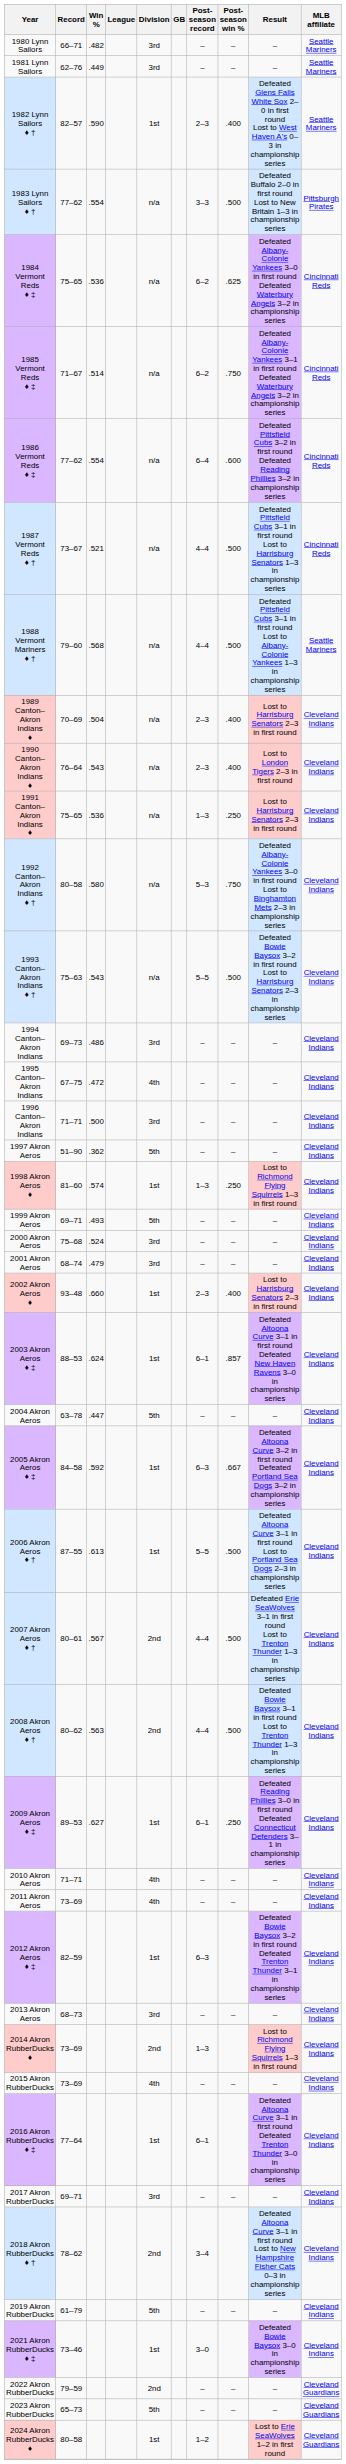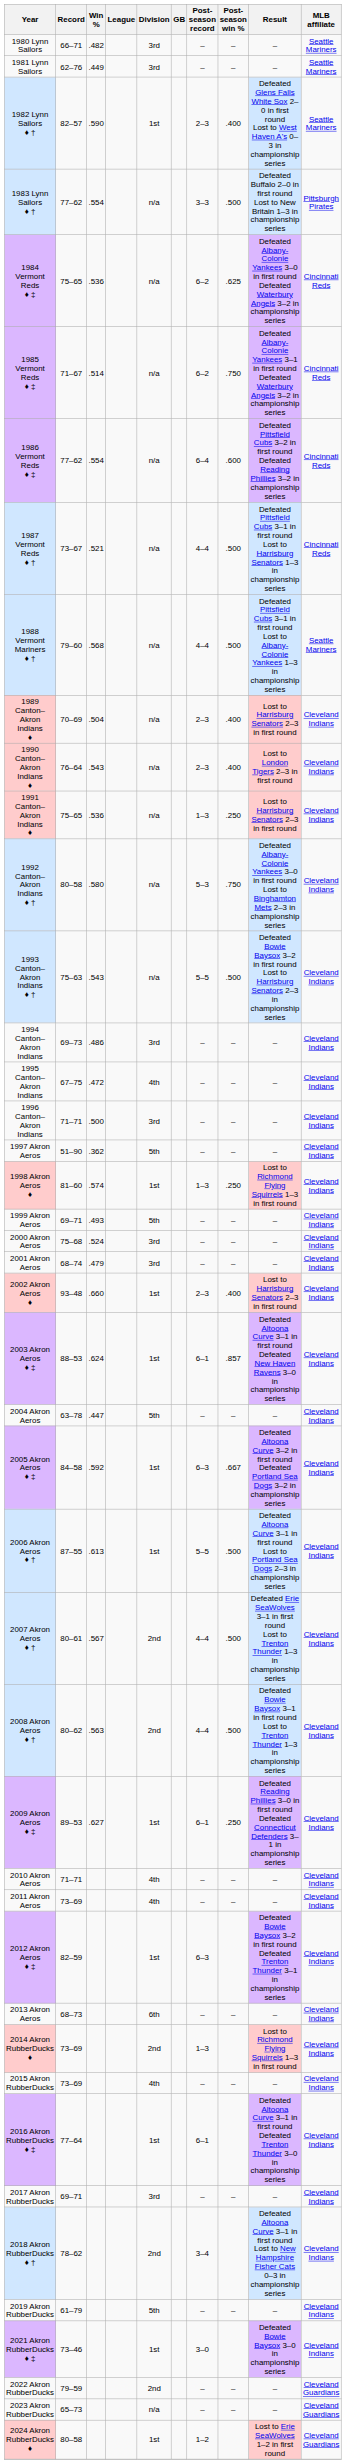 <table class="wikitable sortable" style="font-size: 95%; text-align:center;">
 <tr bgcolor="#efefef">
 <th>Year</th>
 <th>Record</th>
 <th>Win %</th>
 <th>League</th>
 <th>Division</th>
 <th>GB</th>
 <th>Post-season record</th>
 <th>Post-season win %</th>
 <th class="unsortable">Result</th>
 <th class="unsortable">MLB affiliate</th>
 </tr>
 <tr>
 <td>1980 Lynn Sailors</td>
 <td>66–71</td>
 <td>.482</td>
 <td></td>
 <td>3rd</td>
 <td></td>
 <td>–</td>
 <td>–</td>
 <td>–</td>
 <td><a href='#'>Seattle Mariners</a></td>
 </tr>
 <tr>
 <td>1981 Lynn Sailors</td>
 <td>62–76</td>
 <td>.449</td>
 <td></td>
 <td>3rd</td>
 <td></td>
 <td>–</td>
 <td>–</td>
 <td>–</td>
 <td><a href='#'>Seattle Mariners</a></td>
 </tr>
 <tr>
 <td bgcolor="#D0E7FF">1982 Lynn Sailors<br>♦ †</td>
 <td>82–57</td>
 <td>.590</td>
 <td></td>
 <td>1st</td>
 <td></td>
 <td>2–3</td>
 <td>.400</td>
 <td bgcolor="#D0E7FF">Defeated <a href='#'>Glens Falls White Sox</a> 2–0 in first round<br>Lost to <a href='#'>West Haven A's</a> 0–3 in championship series</td>
 <td><a href='#'>Seattle Mariners</a></td>
 </tr>
 <tr>
 <td bgcolor="#D0E7FF">1983 Lynn Sailors<br>♦ †</td>
 <td>77–62</td>
 <td>.554</td>
 <td></td>
 <td>n/a</td>
 <td></td>
 <td>3–3</td>
 <td>.500</td>
 <td bgcolor="#D0E7FF">Defeated Buffalo 2–0 in first round<br>Lost to New Britain 1–3 in championship series</td>
 <td><a href='#'>Pittsburgh Pirates</a></td>
 </tr>
 <tr>
 <td bgcolor="#DBB7FF">1984 Vermont Reds<br>♦ ‡</td>
 <td>75–65</td>
 <td>.536</td>
 <td></td>
 <td>n/a</td>
 <td></td>
 <td>6–2</td>
 <td>.625</td>
 <td bgcolor="#DBB7FF">Defeated <a href='#'>Albany-Colonie Yankees</a> 3–0 in first round<br>Defeated <a href='#'>Waterbury Angels</a> 3–2 in championship series</td>
 <td><a href='#'>Cincinnati Reds</a></td>
 </tr>
 <tr>
 <td bgcolor="#DBB7FF">1985 Vermont Reds<br>♦ ‡</td>
 <td>71–67</td>
 <td>.514</td>
 <td></td>
 <td>n/a</td>
 <td></td>
 <td>6–2</td>
 <td>.750</td>
 <td bgcolor="#DBB7FF">Defeated <a href='#'>Albany-Colonie Yankees</a> 3–1 in first round<br>Defeated <a href='#'>Waterbury Angels</a> 3–2 in championship series</td>
 <td><a href='#'>Cincinnati Reds</a></td>
 </tr>
 <tr>
 <td bgcolor="#DBB7FF">1986 Vermont Reds<br>♦ ‡</td>
 <td>77–62</td>
 <td>.554</td>
 <td></td>
 <td>n/a</td>
 <td></td>
 <td>6–4</td>
 <td>.600</td>
 <td bgcolor="#DBB7FF">Defeated <a href='#'>Pittsfield Cubs</a> 3–2 in first round<br>Defeated <a href='#'>Reading Phillies</a> 3–2 in championship series</td>
 <td><a href='#'>Cincinnati Reds</a></td>
 </tr>
 <tr>
 <td bgcolor="#D0E7FF">1987 Vermont Reds<br>♦ †</td>
 <td>73–67</td>
 <td>.521</td>
 <td></td>
 <td>n/a</td>
 <td></td>
 <td>4–4</td>
 <td>.500</td>
 <td bgcolor="#D0E7FF">Defeated <a href='#'>Pittsfield Cubs</a> 3–1 in first round<br>Lost to <a href='#'>Harrisburg Senators</a> 1–3 in championship series</td>
 <td><a href='#'>Cincinnati Reds</a></td>
 </tr>
 <tr>
 <td bgcolor="#D0E7FF">1988 Vermont Mariners<br>♦ †</td>
 <td>79–60</td>
 <td>.568</td>
 <td></td>
 <td>n/a</td>
 <td></td>
 <td>4–4</td>
 <td>.500</td>
 <td bgcolor="#D0E7FF">Defeated <a href='#'>Pittsfield Cubs</a> 3–1 in first round<br>Lost to <a href='#'>Albany-Colonie Yankees</a> 1–3 in championship series</td>
 <td><a href='#'>Seattle Mariners</a></td>
 </tr>
 <tr>
 <td bgcolor="FFCCCC">1989 Canton–Akron Indians<br>♦</td>
 <td>70–69</td>
 <td>.504</td>
 <td></td>
 <td>n/a</td>
 <td></td>
 <td>2–3</td>
 <td>.400</td>
 <td bgcolor="#FFCCCC">Lost to <a href='#'>Harrisburg Senators</a> 2–3 in first round</td>
 <td><a href='#'>Cleveland Indians</a></td>
 </tr>
 <tr>
 <td bgcolor="#FFCCCC">1990 Canton–Akron Indians<br>♦</td>
 <td>76–64</td>
 <td>.543</td>
 <td></td>
 <td>n/a</td>
 <td></td>
 <td>2–3</td>
 <td>.400</td>
 <td bgcolor="#FFCCCC">Lost to <a href='#'>London Tigers</a> 2–3 in first round</td>
 <td><a href='#'>Cleveland Indians</a></td>
 </tr>
 <tr>
 <td bgcolor="#FFCCCC">1991 Canton–Akron Indians<br>♦</td>
 <td>75–65</td>
 <td>.536</td>
 <td></td>
 <td>n/a</td>
 <td></td>
 <td>1–3</td>
 <td>.250</td>
 <td bgcolor="#FFCCCC">Lost to <a href='#'>Harrisburg Senators</a> 2–3 in first round</td>
 <td><a href='#'>Cleveland Indians</a></td>
 </tr>
 <tr>
 <td bgcolor="#D0E7FF">1992 Canton–Akron Indians<br>♦ †</td>
 <td>80–58</td>
 <td>.580</td>
 <td></td>
 <td>n/a</td>
 <td></td>
 <td>5–3</td>
 <td>.750</td>
 <td bgcolor="#D0E7FF">Defeated <a href='#'>Albany-Colonie Yankees</a> 3–0 in first round<br>Lost to <a href='#'>Binghamton Mets</a> 2–3 in championship series</td>
 <td><a href='#'>Cleveland Indians</a></td>
 </tr>
 <tr>
 <td bgcolor="#D0E7FF">1993 Canton–Akron Indians<br>♦ †</td>
 <td>75–63</td>
 <td>.543</td>
 <td></td>
 <td>n/a</td>
 <td></td>
 <td>5–5</td>
 <td>.500</td>
 <td bgcolor="#D0E7FF">Defeated <a href='#'>Bowie Baysox</a> 3–2 in first round<br>Lost to <a href='#'>Harrisburg Senators</a> 2–3 in championship series</td>
 <td><a href='#'>Cleveland Indians</a></td>
 </tr>
 <tr>
 <td>1994 Canton–Akron Indians</td>
 <td>69–73</td>
 <td>.486</td>
 <td></td>
 <td>3rd</td>
 <td></td>
 <td>–</td>
 <td>–</td>
 <td>–</td>
 <td><a href='#'>Cleveland Indians</a></td>
 </tr>
 <tr>
 <td>1995 Canton–Akron Indians</td>
 <td>67–75</td>
 <td>.472</td>
 <td></td>
 <td>4th</td>
 <td></td>
 <td>–</td>
 <td>–</td>
 <td>–</td>
 <td><a href='#'>Cleveland Indians</a></td>
 </tr>
 <tr>
 <td>1996 Canton–Akron Indians</td>
 <td>71–71</td>
 <td>.500</td>
 <td></td>
 <td>3rd</td>
 <td></td>
 <td>–</td>
 <td>–</td>
 <td>–</td>
 <td><a href='#'>Cleveland Indians</a></td>
 </tr>
 <tr>
 <td>1997 Akron Aeros</td>
 <td>51–90</td>
 <td>.362</td>
 <td></td>
 <td>5th</td>
 <td></td>
 <td>–</td>
 <td>–</td>
 <td>–</td>
 <td><a href='#'>Cleveland Indians</a></td>
 </tr>
 <tr>
 <td bgcolor="#FFCCCC">1998 Akron Aeros<br>♦</td>
 <td>81–60</td>
 <td>.574</td>
 <td></td>
 <td>1st</td>
 <td></td>
 <td>1–3</td>
 <td>.250</td>
 <td bgcolor="#FFCCCC">Lost to <a href='#'>Richmond Flying Squirrels</a> 1–3 in first round</td>
 <td><a href='#'>Cleveland Indians</a></td>
 </tr>
 <tr>
 <td>1999 Akron Aeros</td>
 <td>69–71</td>
 <td>.493</td>
 <td></td>
 <td>5th</td>
 <td></td>
 <td>–</td>
 <td>–</td>
 <td>–</td>
 <td><a href='#'>Cleveland Indians</a></td>
 </tr>
 <tr>
 <td>2000 Akron Aeros</td>
 <td>75–68</td>
 <td>.524</td>
 <td></td>
 <td>3rd</td>
 <td></td>
 <td>–</td>
 <td>–</td>
 <td>–</td>
 <td><a href='#'>Cleveland Indians</a></td>
 </tr>
 <tr>
 <td>2001 Akron Aeros</td>
 <td>68–74</td>
 <td>.479</td>
 <td></td>
 <td>3rd</td>
 <td></td>
 <td>–</td>
 <td>–</td>
 <td>–</td>
 <td><a href='#'>Cleveland Indians</a></td>
 </tr>
 <tr>
 <td bgcolor="#FFCCCC">2002 Akron Aeros<br>♦</td>
 <td>93–48</td>
 <td>.660</td>
 <td></td>
 <td>1st</td>
 <td></td>
 <td>2–3</td>
 <td>.400</td>
 <td bgcolor="#FFCCCC">Lost to <a href='#'>Harrisburg Senators</a> 2–3 in first round</td>
 <td><a href='#'>Cleveland Indians</a></td>
 </tr>
 <tr>
 <td bgcolor="#DBB7FF">2003 Akron Aeros<br>♦ ‡</td>
 <td>88–53</td>
 <td>.624</td>
 <td></td>
 <td>1st</td>
 <td></td>
 <td>6–1</td>
 <td>.857</td>
 <td bgcolor="#DBB7FF">Defeated <a href='#'>Altoona Curve</a> 3–1 in first round<br>Defeated <a href='#'>New Haven Ravens</a> 3–0 in championship series</td>
 <td><a href='#'>Cleveland Indians</a></td>
 </tr>
 <tr>
 <td>2004 Akron Aeros</td>
 <td>63–78</td>
 <td>.447</td>
 <td></td>
 <td>5th</td>
 <td></td>
 <td>–</td>
 <td>–</td>
 <td>–</td>
 <td><a href='#'>Cleveland Indians</a></td>
 </tr>
 <tr>
 <td bgcolor="#DBB7FF">2005 Akron Aeros<br>♦ ‡</td>
 <td>84–58</td>
 <td>.592</td>
 <td></td>
 <td>1st</td>
 <td></td>
 <td>6–3</td>
 <td>.667</td>
 <td bgcolor="#DBB7FF">Defeated <a href='#'>Altoona Curve</a> 3–2 in first round<br>Defeated <a href='#'>Portland Sea Dogs</a> 3–2 in championship series</td>
 <td><a href='#'>Cleveland Indians</a></td>
 </tr>
 <tr>
 <td bgcolor="#D0E7FF">2006 Akron Aeros<br>♦ †</td>
 <td>87–55</td>
 <td>.613</td>
 <td></td>
 <td>1st</td>
 <td></td>
 <td>5–5</td>
 <td>.500</td>
 <td bgcolor="#D0E7FF">Defeated <a href='#'>Altoona Curve</a> 3–1 in first round<br>Lost to <a href='#'>Portland Sea Dogs</a> 2–3 in championship series</td>
 <td><a href='#'>Cleveland Indians</a></td>
 </tr>
 <tr>
 <td bgcolor="#D0E7FF">2007 Akron Aeros<br>♦ †</td>
 <td>80–61</td>
 <td>.567</td>
 <td></td>
 <td>2nd</td>
 <td></td>
 <td>4–4</td>
 <td>.500</td>
 <td bgcolor="#D0E7FF">Defeated <a href='#'>Erie SeaWolves</a> 3–1 in first round<br>Lost to <a href='#'>Trenton Thunder</a> 1–3 in championship series</td>
 <td><a href='#'>Cleveland Indians</a></td>
 </tr>
 <tr>
 <td bgcolor="#D0E7FF">2008 Akron Aeros<br>♦ †</td>
 <td>80–62</td>
 <td>.563</td>
 <td></td>
 <td>2nd</td>
 <td></td>
 <td>4–4</td>
 <td>.500</td>
 <td bgcolor="#D0E7FF">Defeated <a href='#'>Bowie Baysox</a> 3–1 in first round<br>Lost to <a href='#'>Trenton Thunder</a> 1–3 in championship series</td>
 <td><a href='#'>Cleveland Indians</a></td>
 </tr>
 <tr>
 <td bgcolor="#DBB7FF">2009 Akron Aeros<br>♦ ‡</td>
 <td>89–53</td>
 <td>.627</td>
 <td></td>
 <td>1st</td>
 <td></td>
 <td>6–1</td>
 <td>.250</td>
 <td bgcolor="#DBB7FF">Defeated <a href='#'>Reading Phillies</a> 3–0 in first round<br>Defeated <a href='#'>Connecticut Defenders</a> 3–1 in championship series</td>
 <td><a href='#'>Cleveland Indians</a></td>
 </tr>
 <tr>
 <td>2010 Akron Aeros</td>
 <td>71–71</td>
 <td></td>
 <td></td>
 <td>4th</td>
 <td></td>
 <td>–</td>
 <td>–</td>
 <td>–</td>
 <td><a href='#'>Cleveland Indians</a></td>
 </tr>
 <tr>
 <td>2011 Akron Aeros</td>
 <td>73–69</td>
 <td></td>
 <td></td>
 <td>4th</td>
 <td></td>
 <td>–</td>
 <td>–</td>
 <td>–</td>
 <td><a href='#'>Cleveland Indians</a></td>
 </tr>
 <tr>
 <td bgcolor="#DBB7FF">2012 Akron Aeros<br>♦ ‡</td>
 <td>82–59</td>
 <td></td>
 <td></td>
 <td>1st</td>
 <td></td>
 <td>6–3</td>
 <td></td>
 <td bgcolor="#DBB7FF">Defeated <a href='#'>Bowie Baysox</a> 3–2 in first round<br>Defeated <a href='#'>Trenton Thunder</a> 3–1 in championship series</td>
 <td><a href='#'>Cleveland Indians</a></td>
 </tr>
 <tr>
 <td>2013 Akron Aeros</td>
 <td>68–73</td>
 <td></td>
 <td></td>
-<td>3rd</td>
+<td>6th</td>
 <td></td>
 <td>–</td>
 <td>–</td>
 <td>–</td>
 <td><a href='#'>Cleveland Indians</a></td>
 </tr>
 <tr>
 <td bgcolor="#FFCCCC">2014 Akron RubberDucks<br>♦</td>
 <td>73–69</td>
 <td></td>
 <td></td>
 <td>2nd</td>
 <td></td>
 <td>1–3</td>
 <td></td>
 <td bgcolor="#FFCCCC">Lost to <a href='#'>Richmond Flying Squirrels</a> 1–3 in first round</td>
 <td><a href='#'>Cleveland Indians</a></td>
 </tr>
 <tr>
 <td>2015 Akron RubberDucks</td>
 <td>73–69</td>
 <td></td>
 <td></td>
 <td>4th</td>
 <td></td>
 <td>–</td>
 <td>–</td>
 <td>–</td>
 <td><a href='#'>Cleveland Indians</a></td>
 </tr>
 <tr>
 <td bgcolor="#DBB7FF">2016 Akron RubberDucks<br>♦ ‡</td>
 <td>77–64</td>
 <td></td>
 <td></td>
 <td>1st</td>
 <td></td>
 <td>6–1</td>
 <td></td>
 <td bgcolor="#DBB7FF">Defeated <a href='#'>Altoona Curve</a> 3–1 in first round<br>Defeated <a href='#'>Trenton Thunder</a> 3–0 in championship series</td>
 <td><a href='#'>Cleveland Indians</a></td>
 </tr>
 <tr>
 <td>2017 Akron RubberDucks</td>
 <td>69–71</td>
 <td></td>
 <td></td>
 <td>3rd</td>
 <td></td>
 <td>–</td>
 <td>–</td>
 <td>–</td>
 <td><a href='#'>Cleveland Indians</a></td>
 </tr>
 <tr>
 <td bgcolor="#D0E7FF">2018 Akron RubberDucks<br>♦ †</td>
 <td>78–62</td>
 <td></td>
 <td></td>
 <td>2nd</td>
 <td></td>
 <td>3–4</td>
 <td></td>
 <td bgcolor="#D0E7FF">Defeated <a href='#'>Altoona Curve</a> 3–1 in first round<br>Lost to <a href='#'>New Hampshire Fisher Cats</a> 0–3 in championship series</td>
 <td><a href='#'>Cleveland Indians</a></td>
 </tr>
 <tr>
 <td>2019 Akron RubberDucks</td>
 <td>61–79</td>
 <td></td>
 <td></td>
 <td>5th</td>
 <td></td>
 <td>–</td>
 <td>–</td>
 <td>–</td>
 <td><a href='#'>Cleveland Indians</a></td>
 </tr>
 <tr>
 <td bgcolor="#DBB7FF">2021 Akron RubberDucks<br>♦ ‡</td>
 <td>73–46</td>
 <td></td>
 <td></td>
 <td>1st</td>
 <td></td>
 <td>3–0</td>
 <td></td>
 <td bgcolor="#DBB7FF">Defeated <a href='#'>Bowie Baysox</a> 3–0 in championship series</td>
 <td><a href='#'>Cleveland Indians</a></td>
 </tr>
 <tr>
 <td>2022 Akron RubberDucks</td>
 <td>79–59</td>
 <td></td>
 <td></td>
 <td>2nd</td>
 <td></td>
 <td>–</td>
 <td>–</td>
 <td>–</td>
 <td><a href='#'>Cleveland Guardians</a></td>
 </tr>
 <tr>
 <td>2023 Akron RubberDucks</td>
 <td>65–73</td>
 <td></td>
 <td></td>
-<td>5th</td>
+<td>n/a</td>
 <td></td>
 <td>–</td>
 <td>–</td>
 <td>–</td>
 <td><a href='#'>Cleveland Guardians</a></td>
 </tr>
 <tr>
 <td bgcolor="#FFCCCC">2024 Akron RubberDucks<br>♦</td>
 <td>80–58</td>
 <td></td>
 <td></td>
 <td>1st</td>
 <td></td>
 <td>1–2</td>
 <td></td>
 <td bgcolor="#FFCCCC">Lost to <a href='#'>Erie SeaWolves</a> 1–2 in first round</td>
 <td><a href='#'>Cleveland Guardians</a></td>
 </tr>
 <tr>
 </tr>
 </table>
